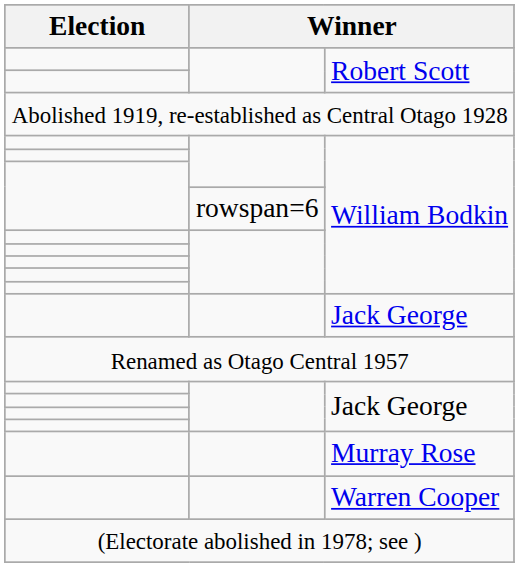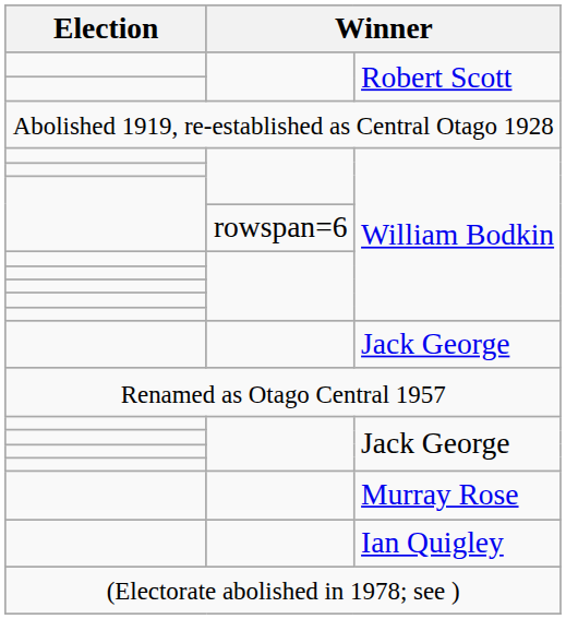 <table class=wikitable>
 <tr>
 <th width=100>Election</th>
 <th width=175 colspan=2>Winner</th>
 </tr>
 <tr>
 <td></td>
 <td rowspan=2 width=5 bgcolor=></td>
 <td rowspan=2><a href='#'>Robert Scott</a></td>
 </tr>
 <tr>
 <td></td>
 </tr>
 <tr>
 <td colspan=3 align=center><small>Abolished 1919, re-established as Central Otago 1928</small></td>
 </tr>
 <tr>
 <td></td>
 <td rowspan=2 style="border-bottom:solid 0 grey; background:"></td>
 <td rowspan=9><a href='#'>William Bodkin</a></td>
 </tr>
 <tr>
 <td></td>
 </tr>
 <tr>
 <td rowspan=2></td>
 <td height=8 style="border-top:solid 0 grey; background:"></td>
 </tr>
 <tr>
 <td>rowspan=6 </td>
 </tr>
 <tr>
 <td></td>
 </tr>
 <tr>
 <td></td>
 </tr>
 <tr>
 <td></td>
 </tr>
 <tr>
 <td></td>
 </tr>
 <tr>
 <td></td>
 </tr>
 <tr>
 <td></td>
 <td bgcolor=></td>
 <td><a href='#'>Jack George</a></td>
 </tr>
 <tr>
 <td colspan=3 align=center><small>Renamed as Otago Central 1957</small></td>
 </tr>
 <tr>
 <td></td>
 <td rowspan=4 bgcolor=></td>
 <td rowspan=4>Jack George</td>
 </tr>
 <tr>
 <td></td>
 </tr>
 <tr>
 <td></td>
 </tr>
 <tr>
 <td></td>
 </tr>
 <tr>
 <td></td>
 <td bgcolor=></td>
 <td><a href='#'>Murray Rose</a></td>
 </tr>
 <tr>
 <td></td>
 <td bgcolor=></td>
-<td><a href='#'>Warren Cooper</a></td>
+<td><a href='#'>Ian Quigley</a></td>
 </tr>
 <tr>
 <td colspan=3 align=center><small>(Electorate abolished in 1978; see )</small></td>
 </tr>
 </table>
